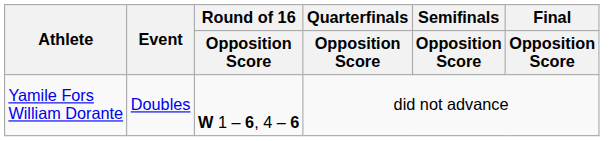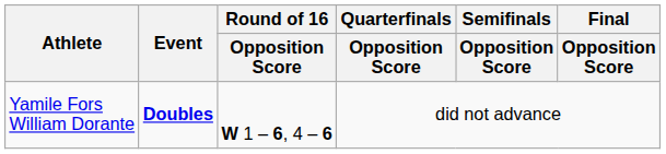 <table class="wikitable" style="font-size:90%">
 <tr>
 <th rowspan=2>Athlete</th>
 <th rowspan=2>Event</th>
 <th>Round of 16</th>
 <th>Quarterfinals</th>
 <th>Semifinals</th>
 <th>Final</th>
 </tr>
 <tr>
 <th>Opposition<br>Score</th>
 <th>Opposition<br>Score</th>
 <th>Opposition<br>Score</th>
 <th>Opposition<br>Score</th>
 </tr>
 <tr>
 <td><a href='#'>Yamile Fors</a><br><a href='#'>William Dorante</a></td>
-<td><a href='#'>Doubles</a></td>
+<td><strong><a href='#'>Doubles</a></strong></td>
 <td align=center><br><br><strong>W</strong> 1 – <strong>6</strong>, 4 – <strong>6</strong></td>
 <td align="center" colspan="7">did not advance</td>
 </tr>
 </table>
